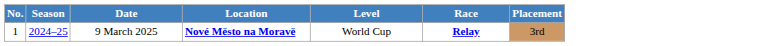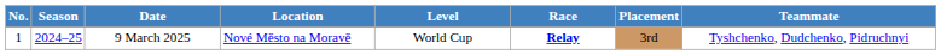 <table class="wikitable sortable" style="font-size:85%; text-align:center; border:grey solid 1px; border-collapse:collapse; background:#ffffff;">
 <tr style="background:#efefef;">
 <th style="background-color:#4180be; color:white;">No.</th>
 <th style="background-color:#4180be; color:white;">Season</th>
 <th style="background-color:#4180be; color:white; width:130px;">Date</th>
 <th style="background-color:#4180be; color:white; width:150px;">Location</th>
 <th style="background-color:#4180be; color:white; width:130px;">Level</th>
 <th style="background-color:#4180be; color:white; width:100px;">Race</th>
 <th style="background-color:#4180be; color:white; width:50px;">Placement</th>
+<th style="background-color:#4180be; color:white; width:250px;">Teammate</th>
 </tr>
 <tr>
 <td>1</td>
 <td><a href='#'>2024–25</a></td>
 <td>9 March 2025</td>
-<td align=left><strong> <a href='#'>Nové Město na Moravě</a></strong></td>
+<td align=left> <a href='#'>Nové Město na Moravě</a></td>
 <td>World Cup</td>
 <td align=center><strong><a href='#'>Relay</a></strong></td>
 <td align=center bgcolor="#CC9966">3rd</td>
+<td><a href='#'>Tyshchenko</a>, <a href='#'>Dudchenko</a>, <a href='#'>Pidruchnyi</a></td>
 </tr>
 </table>
